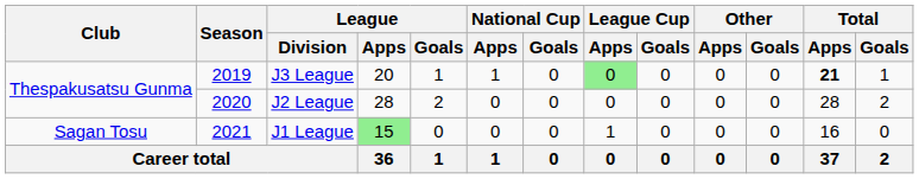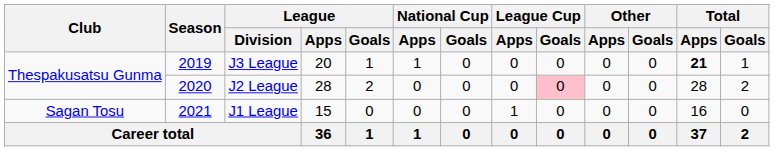 <table class="wikitable" style="text-align: center">
 <tr>
 <th rowspan="2">Club</th>
 <th rowspan="2">Season</th>
 <th colspan="3">League</th>
 <th colspan="2">National Cup</th>
 <th colspan="2">League Cup</th>
 <th colspan="2">Other</th>
 <th colspan="2">Total</th>
 </tr>
 <tr>
 <th>Division</th>
 <th>Apps</th>
 <th>Goals</th>
 <th>Apps</th>
 <th>Goals</th>
 <th>Apps</th>
 <th>Goals</th>
 <th>Apps</th>
 <th>Goals</th>
 <th>Apps</th>
 <th>Goals</th>
 </tr>
 <tr>
 <td rowspan="2"><a href='#'>Thespakusatsu Gunma</a></td>
 <td><a href='#'>2019</a></td>
 <td><a href='#'>J3 League</a></td>
 <td>20</td>
 <td>1</td>
 <td>1</td>
 <td>0</td>
-<td style="background: lightgreen;">0</td>
+<td>0</td>
 <td>0</td>
 <td>0</td>
 <td>0</td>
 <td><strong>21</strong></td>
 <td>1</td>
 </tr>
 <tr>
 <td><a href='#'>2020</a></td>
 <td><a href='#'>J2 League</a></td>
 <td>28</td>
 <td>2</td>
 <td>0</td>
 <td>0</td>
 <td>0</td>
-<td>0</td>
+<td style="background: pink;">0</td>
 <td>0</td>
 <td>0</td>
 <td>28</td>
 <td>2</td>
 </tr>
 <tr>
 <td><a href='#'>Sagan Tosu</a></td>
 <td><a href='#'>2021</a></td>
 <td><a href='#'>J1 League</a></td>
-<td style="background: lightgreen;">15</td>
+<td>15</td>
 <td>0</td>
 <td>0</td>
 <td>0</td>
 <td>1</td>
 <td>0</td>
 <td>0</td>
 <td>0</td>
 <td>16</td>
 <td>0</td>
 </tr>
 <tr>
 <th colspan=3>Career total</th>
 <th>36</th>
 <th>1</th>
 <th>1</th>
 <th>0</th>
 <th>0</th>
 <th>0</th>
 <th>0</th>
 <th>0</th>
 <th>37</th>
 <th>2</th>
 </tr>
 </table>
